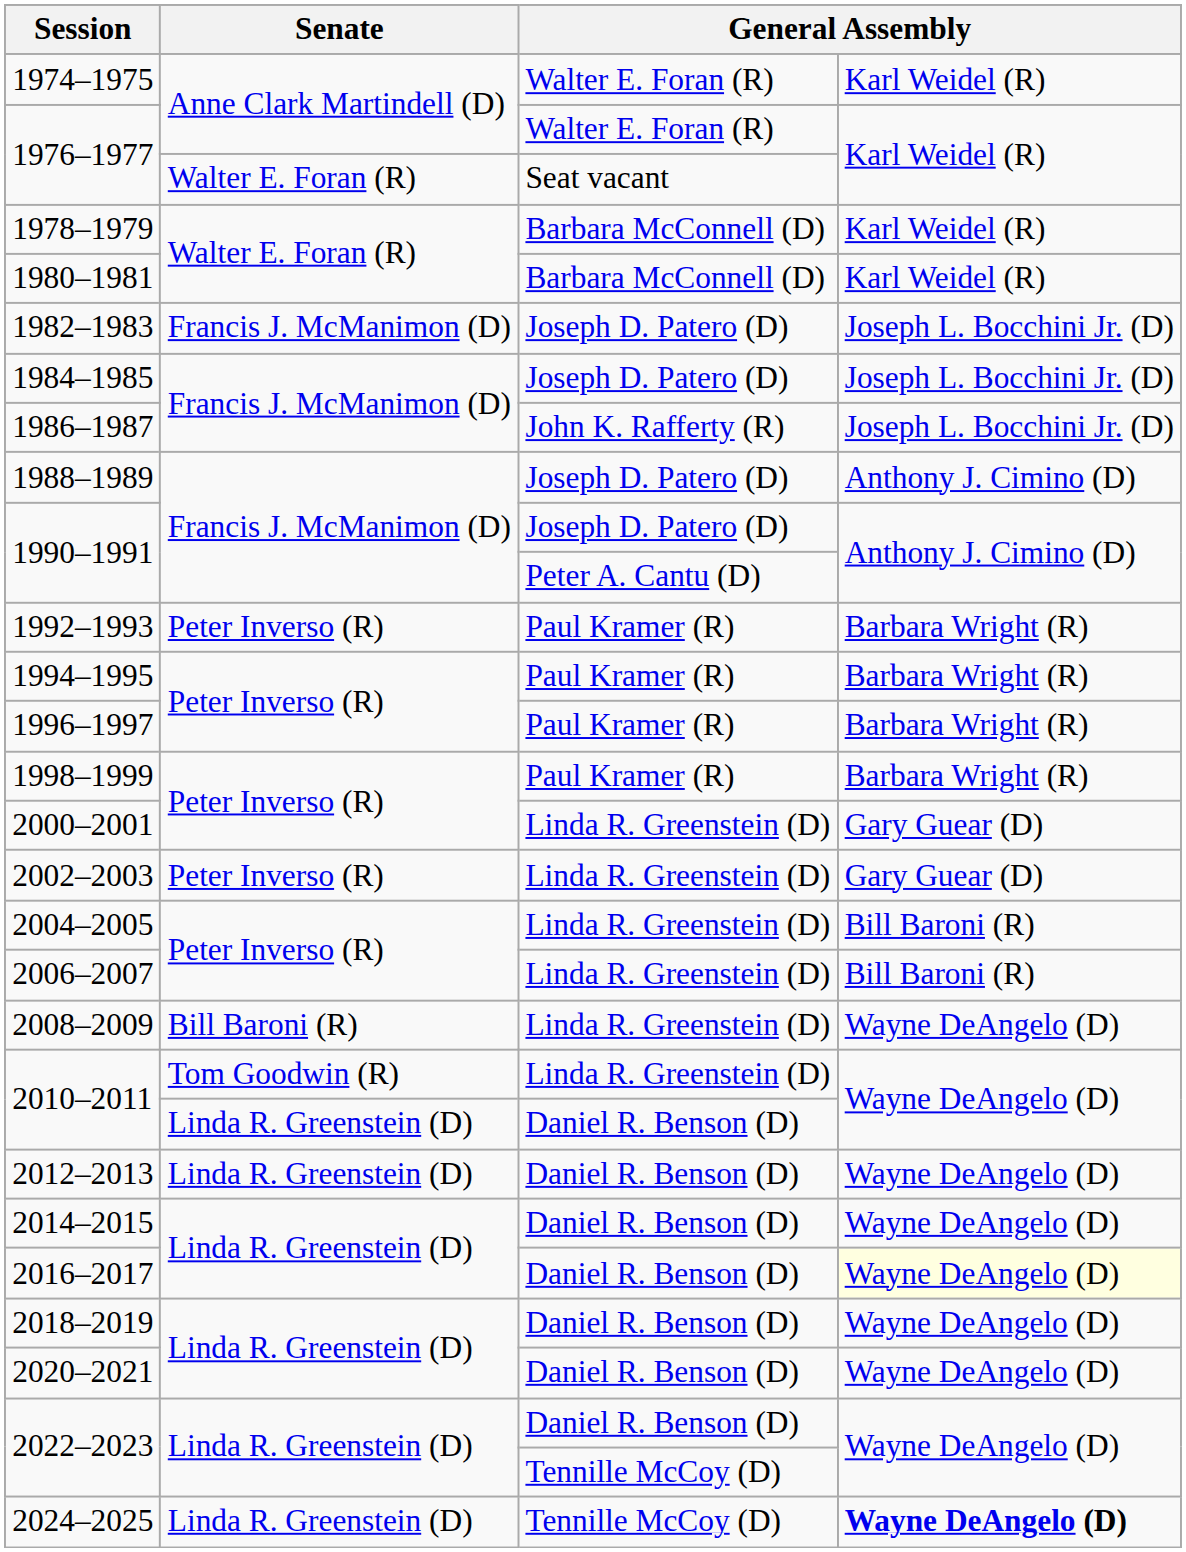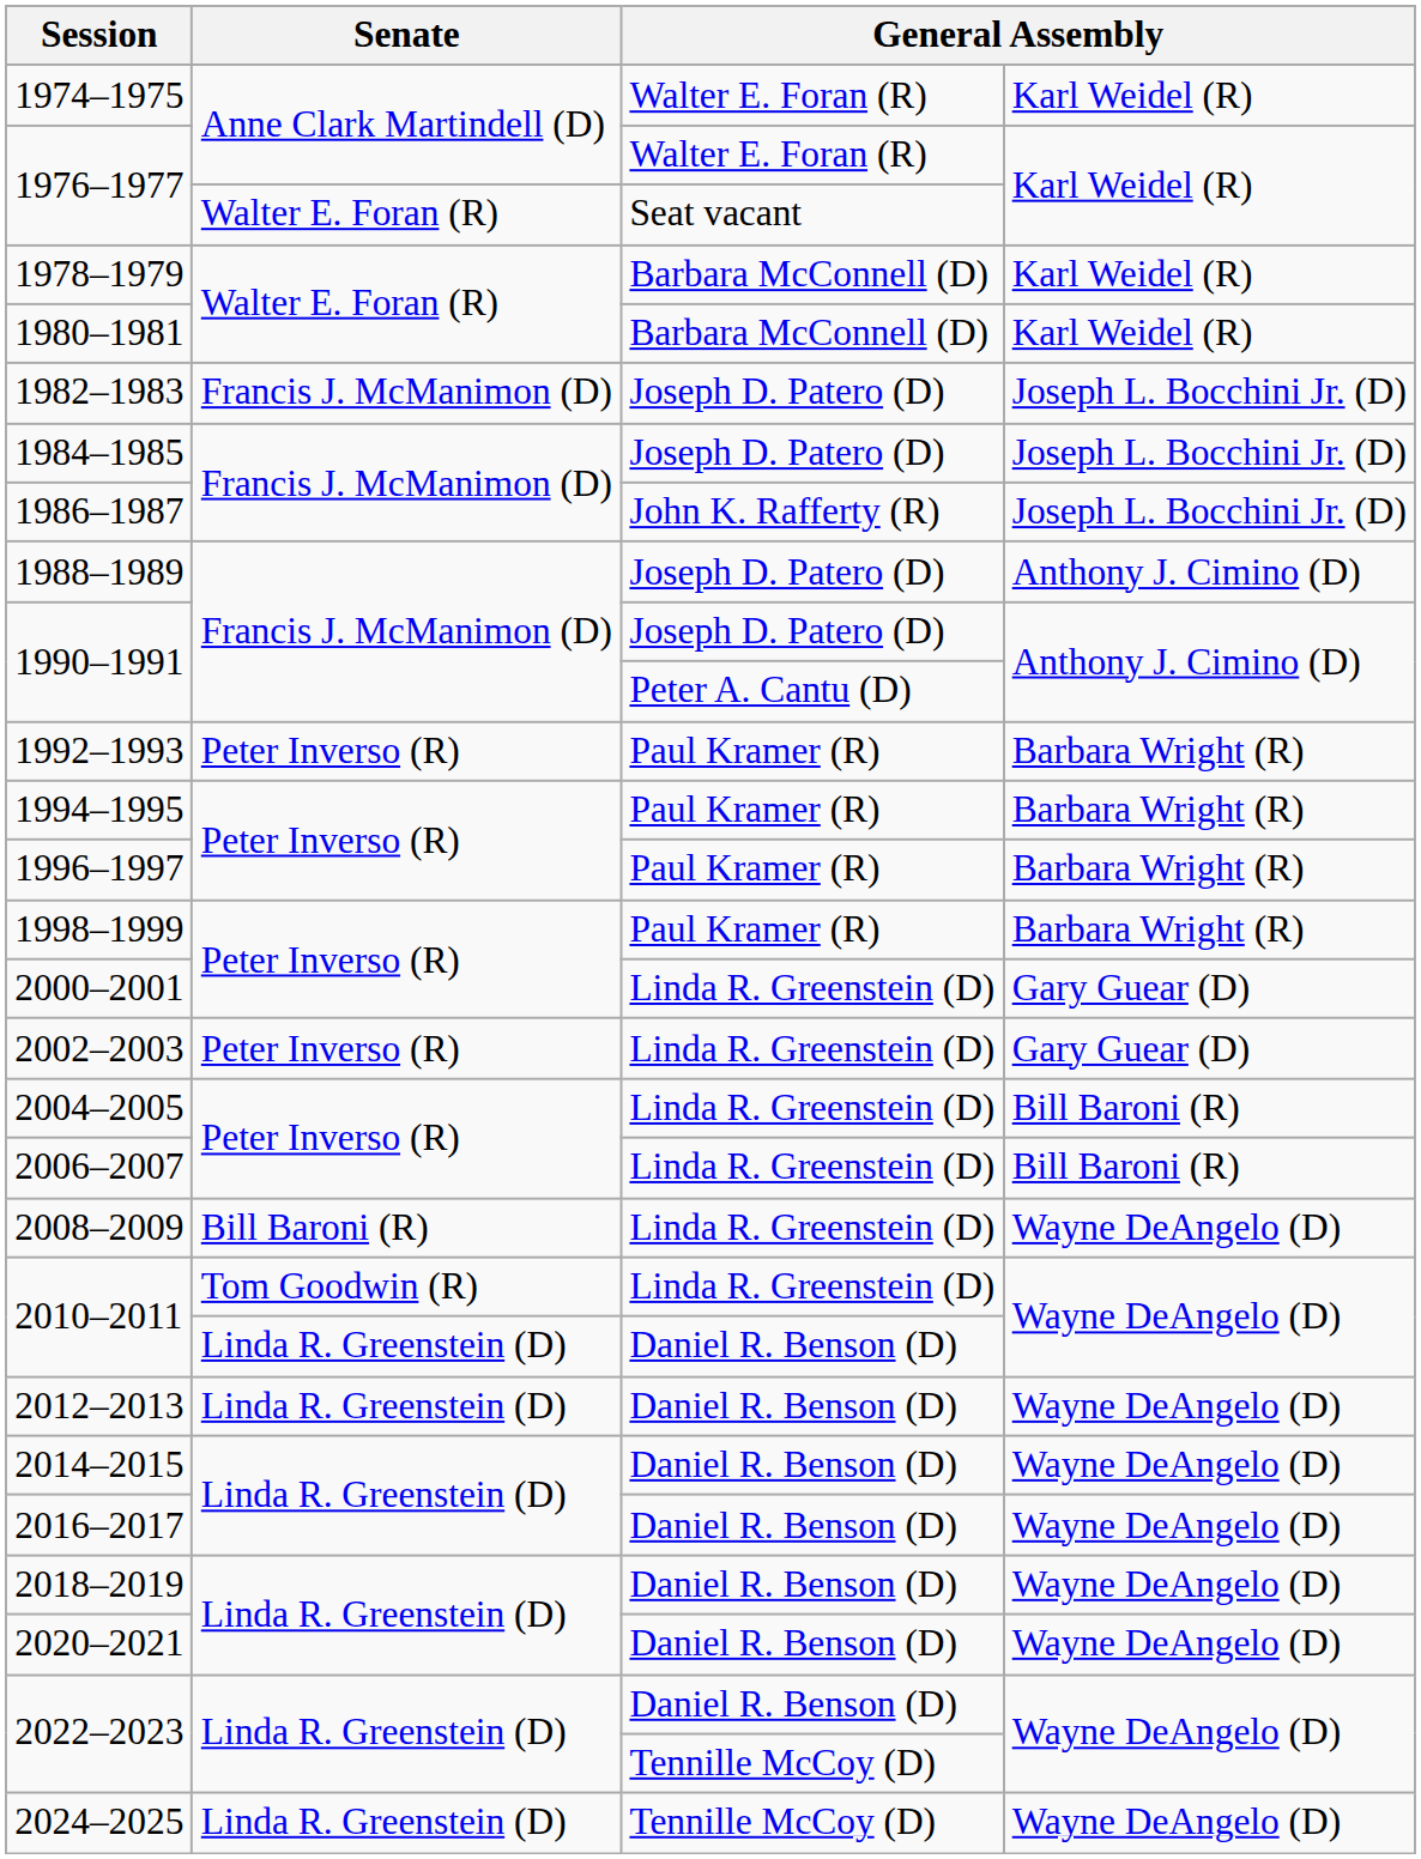 <table class="wikitable">
 <tr>
 <th>Session</th>
 <th>Senate</th>
 <th colspan=2>General Assembly</th>
 </tr>
 <tr>
 <td>1974–1975</td>
 <td rowspan=2 ><a href='#'>Anne Clark Martindell</a> (D)</td>
 <td><a href='#'>Walter E. Foran</a> (R)</td>
 <td><a href='#'>Karl Weidel</a> (R)</td>
 </tr>
 <tr>
 <td rowspan=2>1976–1977</td>
 <td><a href='#'>Walter E. Foran</a> (R)</td>
 <td rowspan=2 ><a href='#'>Karl Weidel</a> (R)</td>
 </tr>
 <tr>
 <td><a href='#'>Walter E. Foran</a> (R)</td>
 <td>Seat vacant</td>
 </tr>
 <tr>
 <td>1978–1979</td>
 <td rowspan=2 ><a href='#'>Walter E. Foran</a> (R)</td>
 <td><a href='#'>Barbara McConnell</a> (D)</td>
 <td><a href='#'>Karl Weidel</a> (R)</td>
 </tr>
 <tr>
 <td>1980–1981</td>
 <td><a href='#'>Barbara McConnell</a> (D)</td>
 <td><a href='#'>Karl Weidel</a> (R)</td>
 </tr>
 <tr>
 <td>1982–1983</td>
 <td><a href='#'>Francis J. McManimon</a> (D)</td>
 <td><a href='#'>Joseph D. Patero</a> (D)</td>
 <td><a href='#'>Joseph L. Bocchini Jr.</a> (D)</td>
 </tr>
 <tr>
 <td>1984–1985</td>
 <td rowspan=2 ><a href='#'>Francis J. McManimon</a> (D)</td>
 <td><a href='#'>Joseph D. Patero</a> (D)</td>
 <td><a href='#'>Joseph L. Bocchini Jr.</a> (D)</td>
 </tr>
 <tr>
 <td>1986–1987</td>
 <td><a href='#'>John K. Rafferty</a> (R)</td>
 <td><a href='#'>Joseph L. Bocchini Jr.</a> (D)</td>
 </tr>
 <tr>
 <td>1988–1989</td>
 <td rowspan=3 ><a href='#'>Francis J. McManimon</a> (D)</td>
 <td><a href='#'>Joseph D. Patero</a> (D)</td>
 <td><a href='#'>Anthony J. Cimino</a> (D)</td>
 </tr>
 <tr>
 <td rowspan=2>1990–1991</td>
 <td><a href='#'>Joseph D. Patero</a> (D)</td>
 <td rowspan=2 ><a href='#'>Anthony J. Cimino</a> (D)</td>
 </tr>
 <tr>
 <td><a href='#'>Peter A. Cantu</a> (D)</td>
 </tr>
 <tr>
 <td>1992–1993</td>
 <td><a href='#'>Peter Inverso</a> (R)</td>
 <td><a href='#'>Paul Kramer</a> (R)</td>
 <td><a href='#'>Barbara Wright</a> (R)</td>
 </tr>
 <tr>
 <td>1994–1995</td>
 <td rowspan=2 ><a href='#'>Peter Inverso</a> (R)</td>
 <td><a href='#'>Paul Kramer</a> (R)</td>
 <td><a href='#'>Barbara Wright</a> (R)</td>
 </tr>
 <tr>
 <td>1996–1997</td>
 <td><a href='#'>Paul Kramer</a> (R)</td>
 <td><a href='#'>Barbara Wright</a> (R)</td>
 </tr>
 <tr>
 <td>1998–1999</td>
 <td rowspan=2 ><a href='#'>Peter Inverso</a> (R)</td>
 <td><a href='#'>Paul Kramer</a> (R)</td>
 <td><a href='#'>Barbara Wright</a> (R)</td>
 </tr>
 <tr>
 <td>2000–2001</td>
 <td><a href='#'>Linda R. Greenstein</a> (D)</td>
 <td><a href='#'>Gary Guear</a> (D)</td>
 </tr>
 <tr>
 <td>2002–2003</td>
 <td><a href='#'>Peter Inverso</a> (R)</td>
 <td><a href='#'>Linda R. Greenstein</a> (D)</td>
 <td><a href='#'>Gary Guear</a> (D)</td>
 </tr>
 <tr>
 <td>2004–2005</td>
 <td rowspan=2 ><a href='#'>Peter Inverso</a> (R)</td>
 <td><a href='#'>Linda R. Greenstein</a> (D)</td>
 <td><a href='#'>Bill Baroni</a> (R)</td>
 </tr>
 <tr>
 <td>2006–2007</td>
 <td><a href='#'>Linda R. Greenstein</a> (D)</td>
 <td><a href='#'>Bill Baroni</a> (R)</td>
 </tr>
 <tr>
 <td>2008–2009</td>
 <td rowspan=2 ><a href='#'>Bill Baroni</a> (R)<small> </small></td>
 <td><a href='#'>Linda R. Greenstein</a> (D)</td>
 <td><a href='#'>Wayne DeAngelo</a> (D)</td>
 </tr>
 <tr>
 <td rowspan=3>2010–2011</td>
 <td rowspan=2 ><a href='#'>Linda R. Greenstein</a> (D)</td>
 <td rowspan=3 ><a href='#'>Wayne DeAngelo</a> (D)</td>
 </tr>
 <tr>
 <td><a href='#'>Tom Goodwin</a> (R)</td>
 </tr>
 <tr>
 <td><a href='#'>Linda R. Greenstein</a> (D)</td>
 <td><a href='#'>Daniel R. Benson</a> (D)</td>
 </tr>
 <tr>
 <td>2012–2013</td>
 <td><a href='#'>Linda R. Greenstein</a> (D)</td>
 <td><a href='#'>Daniel R. Benson</a> (D)</td>
 <td><a href='#'>Wayne DeAngelo</a> (D)</td>
 </tr>
 <tr>
 <td>2014–2015</td>
 <td rowspan=2 ><a href='#'>Linda R. Greenstein</a> (D)</td>
 <td><a href='#'>Daniel R. Benson</a> (D)</td>
 <td><a href='#'>Wayne DeAngelo</a> (D)</td>
 </tr>
 <tr>
 <td>2016–2017</td>
 <td><a href='#'>Daniel R. Benson</a> (D)</td>
-<td style="background: lightyellow;"><a href='#'>Wayne DeAngelo</a> (D)</td>
+<td><a href='#'>Wayne DeAngelo</a> (D)</td>
 </tr>
 <tr>
 <td>2018–2019</td>
 <td rowspan=2 ><a href='#'>Linda R. Greenstein</a> (D)</td>
 <td><a href='#'>Daniel R. Benson</a> (D)</td>
 <td><a href='#'>Wayne DeAngelo</a> (D)</td>
 </tr>
 <tr>
 <td>2020–2021</td>
 <td><a href='#'>Daniel R. Benson</a> (D)</td>
 <td><a href='#'>Wayne DeAngelo</a> (D)</td>
 </tr>
 <tr>
 <td rowspan=2>2022–2023</td>
 <td rowspan=2 ><a href='#'>Linda R. Greenstein</a> (D)</td>
 <td><a href='#'>Daniel R. Benson</a> (D)</td>
 <td rowspan=2 ><a href='#'>Wayne DeAngelo</a> (D)</td>
 </tr>
 <tr>
 <td><a href='#'>Tennille McCoy</a> (D)</td>
 </tr>
 <tr>
 <td>2024–2025</td>
 <td rowspan=1 ><a href='#'>Linda R. Greenstein</a> (D)</td>
 <td><a href='#'>Tennille McCoy</a> (D)</td>
-<td><strong><a href='#'>Wayne DeAngelo</a> (D)</strong></td>
+<td><a href='#'>Wayne DeAngelo</a> (D)</td>
 </tr>
 </table>
